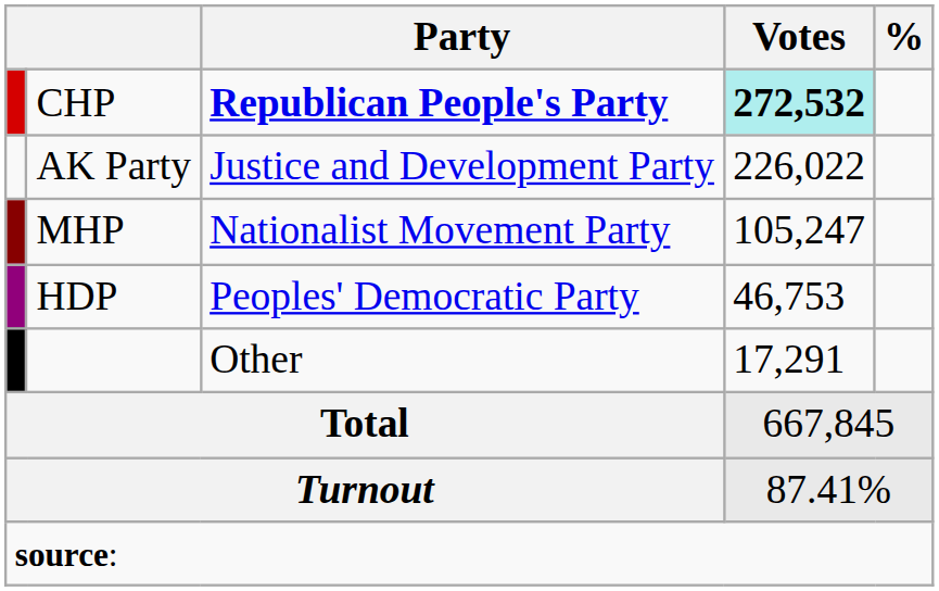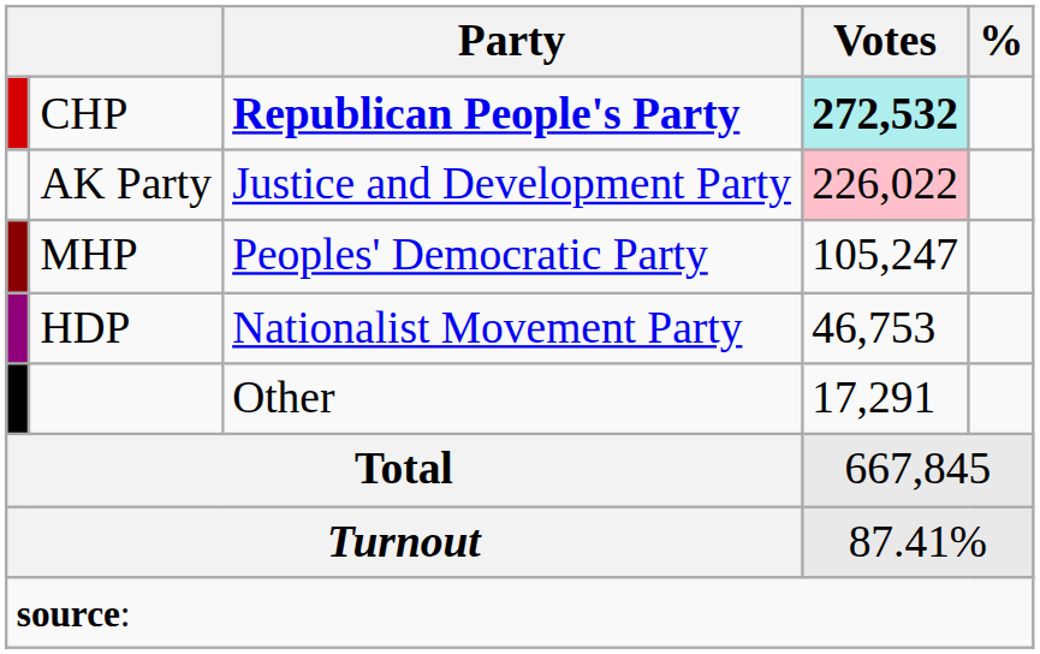 <table class="wikitable">
 <tr>
 <th colspan="2"></th>
 <th>Party</th>
 <th>Votes</th>
 <th>%</th>
 </tr>
 <tr align="left">
 <td bgcolor="#d50000" width="1"></td>
 <td>CHP</td>
 <td><strong><a href='#'>Republican People's Party</a></strong></td>
 <td style="background: paleturquoise;"><strong>272,532</strong></td>
 <td><strong></strong></td>
 </tr>
 <tr align="left">
 <td></td>
 <td>AK Party</td>
 <td><a href='#'>Justice and Development Party</a></td>
-<td>226,022</td>
+<td style="background: pink;">226,022</td>
 <td></td>
 </tr>
 <tr align="left">
 <td bgcolor="#870000" width="1"></td>
 <td>MHP</td>
-<td><a href='#'>Nationalist Movement Party</a></td>
+<td><a href='#'>Peoples' Democratic Party</a></td>
 <td>105,247</td>
 <td></td>
 </tr>
 <tr align="left">
 <td bgcolor="#91007B" width="1"></td>
 <td>HDP</td>
-<td><a href='#'>Peoples' Democratic Party</a></td>
+<td><a href='#'>Nationalist Movement Party</a></td>
 <td>46,753</td>
 <td></td>
 </tr>
 <tr align="left">
 <td bgcolor=" " width="1"></td>
 <td></td>
 <td>Other</td>
 <td>17,291</td>
 <td></td>
 </tr>
 <tr align="left" style="background-color:#E9E9E9">
 <th colspan="3" align="center"><strong>Total</strong></th>
 <td colspan="5" align="center">667,845</td>
 </tr>
 <tr align="left" style="background-color:#E9E9E9">
 <th colspan="3" align="center"><em>Turnout</em></th>
 <td colspan="5" align="center">87.41%</td>
 </tr>
 <tr>
 <td colspan="9" align="left"><small><strong>source</strong>: </small></td>
 </tr>
 </table>
